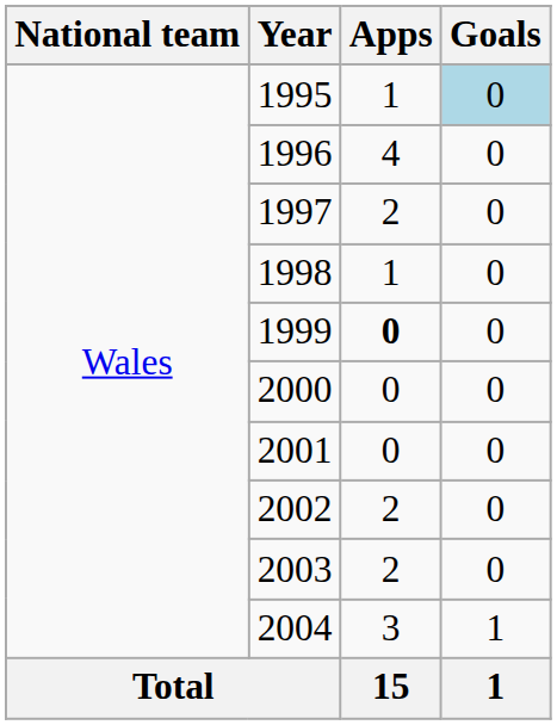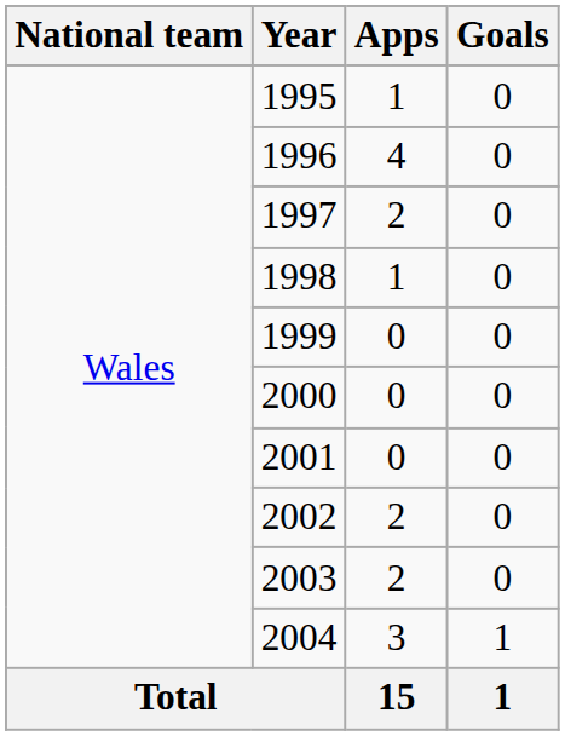 <table class="wikitable" style="text-align:center">
 <tr>
 <th>National team</th>
 <th>Year</th>
 <th>Apps</th>
 <th>Goals</th>
 </tr>
 <tr>
 <td rowspan="10"><a href='#'>Wales</a></td>
 <td>1995</td>
 <td>1</td>
-<td style="background: lightblue;">0</td>
+<td>0</td>
 </tr>
 <tr>
 <td>1996</td>
 <td>4</td>
 <td>0</td>
 </tr>
 <tr>
 <td>1997</td>
 <td>2</td>
 <td>0</td>
 </tr>
 <tr>
 <td>1998</td>
 <td>1</td>
 <td>0</td>
 </tr>
 <tr>
 <td>1999</td>
-<td><strong>0</strong></td>
+<td>0</td>
 <td>0</td>
 </tr>
 <tr>
 <td>2000</td>
 <td>0</td>
 <td>0</td>
 </tr>
 <tr>
 <td>2001</td>
 <td>0</td>
 <td>0</td>
 </tr>
 <tr>
 <td>2002</td>
 <td>2</td>
 <td>0</td>
 </tr>
 <tr>
 <td>2003</td>
 <td>2</td>
 <td>0</td>
 </tr>
 <tr>
 <td>2004</td>
 <td>3</td>
 <td>1</td>
 </tr>
 <tr>
 <th colspan="2">Total</th>
 <th>15</th>
 <th>1</th>
 </tr>
 </table>
